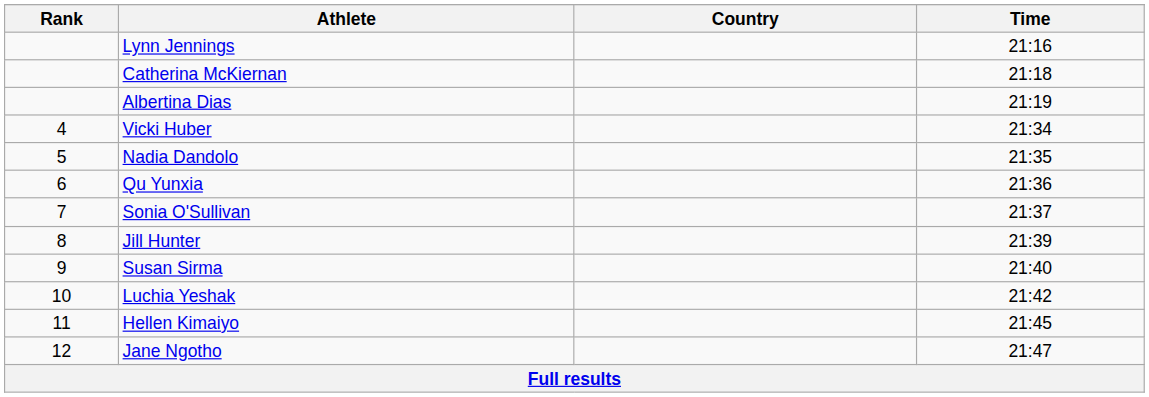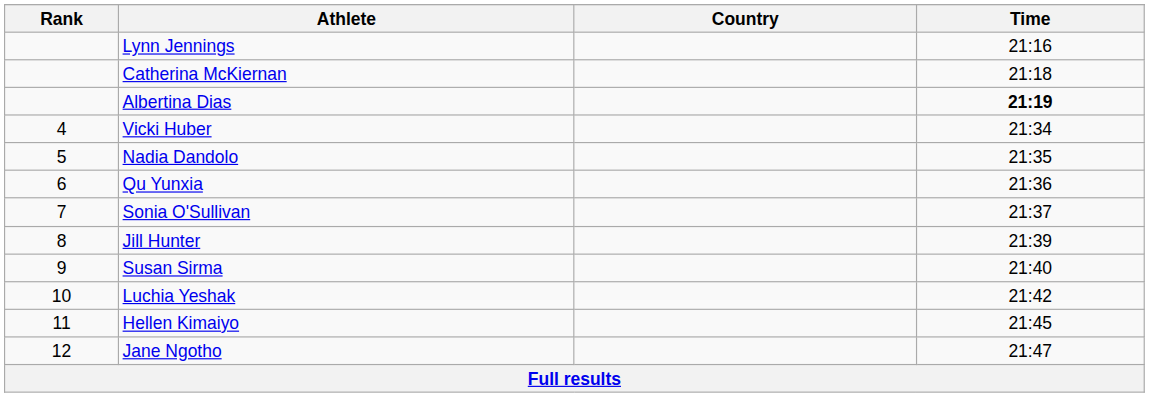 <table class="wikitable sortable" style=" text-align:center; font-size:95%;" width="50%">
 <tr>
 </tr>
 <tr>
 <th width=5%>Rank</th>
 <th width=20%>Athlete</th>
 <th width=15%>Country</th>
 <th width=10%>Time</th>
 </tr>
 <tr>
 <td align=center></td>
 <td align=left><a href='#'>Lynn Jennings</a></td>
 <td align=left></td>
 <td>21:16</td>
 </tr>
 <tr>
 <td align=center></td>
 <td align=left><a href='#'>Catherina McKiernan</a></td>
 <td align=left></td>
 <td>21:18</td>
 </tr>
 <tr>
 <td align=center></td>
 <td align=left><a href='#'>Albertina Dias</a></td>
 <td align=left></td>
-<td>21:19</td>
+<td><strong>21:19</strong></td>
 </tr>
 <tr>
 <td align=center>4</td>
 <td align=left><a href='#'>Vicki Huber</a></td>
 <td align=left></td>
 <td>21:34</td>
 </tr>
 <tr>
 <td align=center>5</td>
 <td align=left><a href='#'>Nadia Dandolo</a></td>
 <td align=left></td>
 <td>21:35</td>
 </tr>
 <tr>
 <td align=center>6</td>
 <td align=left><a href='#'>Qu Yunxia</a></td>
 <td align=left></td>
 <td>21:36</td>
 </tr>
 <tr>
 <td align=center>7</td>
 <td align=left><a href='#'>Sonia O'Sullivan</a></td>
 <td align=left></td>
 <td>21:37</td>
 </tr>
 <tr>
 <td align=center>8</td>
 <td align=left><a href='#'>Jill Hunter</a></td>
 <td align=left></td>
 <td>21:39</td>
 </tr>
 <tr>
 <td align=center>9</td>
 <td align=left><a href='#'>Susan Sirma</a></td>
 <td align=left></td>
 <td>21:40</td>
 </tr>
 <tr>
 <td align=center>10</td>
 <td align=left><a href='#'>Luchia Yeshak</a></td>
 <td align=left></td>
 <td>21:42</td>
 </tr>
 <tr>
 <td align=center>11</td>
 <td align=left><a href='#'>Hellen Kimaiyo</a></td>
 <td align=left></td>
 <td>21:45</td>
 </tr>
 <tr>
 <td align=center>12</td>
 <td align=left><a href='#'>Jane Ngotho</a></td>
 <td align=left></td>
 <td>21:47</td>
 </tr>
 <tr class="sortbottom">
 <th colspan=4 align=center><a href='#'>Full results</a></th>
 </tr>
 </table>
